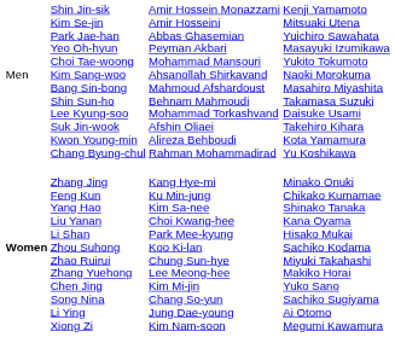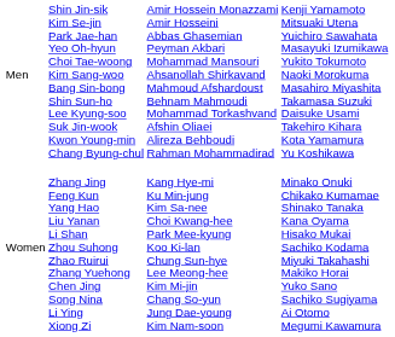 <table>
 <tr>
 <td>Men<br></td>
 <td><br><a href='#'>Shin Jin-sik</a><br><a href='#'>Kim Se-jin</a><br><a href='#'>Park Jae-han</a><br><a href='#'>Yeo Oh-hyun</a><br><a href='#'>Choi Tae-woong</a><br><a href='#'>Kim Sang-woo</a><br><a href='#'>Bang Sin-bong</a><br><a href='#'>Shin Sun-ho</a><br><a href='#'>Lee Kyung-soo</a><br><a href='#'>Suk Jin-wook</a><br><a href='#'>Kwon Young-min</a><br><a href='#'>Chang Byung-chul</a></td>
 <td><br><a href='#'>Amir Hossein Monazzami</a><br><a href='#'>Amir Hosseini</a><br><a href='#'>Abbas Ghasemian</a><br><a href='#'>Peyman Akbari</a><br><a href='#'>Mohammad Mansouri</a><br><a href='#'>Ahsanollah Shirkavand</a><br><a href='#'>Mahmoud Afshardoust</a><br><a href='#'>Behnam Mahmoudi</a><br><a href='#'>Mohammad Torkashvand</a><br><a href='#'>Afshin Oliaei</a><br><a href='#'>Alireza Behboudi</a><br><a href='#'>Rahman Mohammadirad</a></td>
 <td><br><a href='#'>Kenji Yamamoto</a><br><a href='#'>Mitsuaki Utena</a><br><a href='#'>Yuichiro Sawahata</a><br><a href='#'>Masayuki Izumikawa</a><br><a href='#'>Yukito Tokumoto</a><br><a href='#'>Naoki Morokuma</a><br><a href='#'>Masahiro Miyashita</a><br><a href='#'>Takamasa Suzuki</a><br><a href='#'>Daisuke Usami</a><br><a href='#'>Takehiro Kihara</a><br><a href='#'>Kota Yamamura</a><br><a href='#'>Yu Koshikawa</a></td>
 </tr>
 <tr>
-<td><strong>Women<br></strong></td>
+<td>Women<br></td>
 <td><br><a href='#'>Zhang Jing</a><br><a href='#'>Feng Kun</a><br><a href='#'>Yang Hao</a><br><a href='#'>Liu Yanan</a><br><a href='#'>Li Shan</a><br><a href='#'>Zhou Suhong</a><br><a href='#'>Zhao Ruirui</a><br><a href='#'>Zhang Yuehong</a><br><a href='#'>Chen Jing</a><br><a href='#'>Song Nina</a><br><a href='#'>Li Ying</a><br><a href='#'>Xiong Zi</a></td>
 <td><br><a href='#'>Kang Hye-mi</a><br><a href='#'>Ku Min-jung</a><br><a href='#'>Kim Sa-nee</a><br><a href='#'>Choi Kwang-hee</a><br><a href='#'>Park Mee-kyung</a><br><a href='#'>Koo Ki-lan</a><br><a href='#'>Chung Sun-hye</a><br><a href='#'>Lee Meong-hee</a><br><a href='#'>Kim Mi-jin</a><br><a href='#'>Chang So-yun</a><br><a href='#'>Jung Dae-young</a><br><a href='#'>Kim Nam-soon</a></td>
 <td><br><a href='#'>Minako Onuki</a><br><a href='#'>Chikako Kumamae</a><br><a href='#'>Shinako Tanaka</a><br><a href='#'>Kana Oyama</a><br><a href='#'>Hisako Mukai</a><br><a href='#'>Sachiko Kodama</a><br><a href='#'>Miyuki Takahashi</a><br><a href='#'>Makiko Horai</a><br><a href='#'>Yuko Sano</a><br><a href='#'>Sachiko Sugiyama</a><br><a href='#'>Ai Otomo</a><br><a href='#'>Megumi Kawamura</a></td>
 </tr>
 </table>
